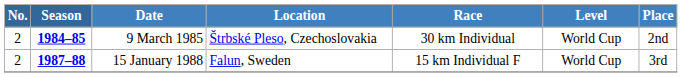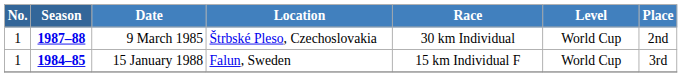 <table class="wikitable sortable" style="font-size:95%; text-align:center; border:grey solid 1px; border-collapse:collapse; background:#ffffff;">
 <tr style="background:#efefef;">
 <th style="background-color:#369; color:white;">No.</th>
 <th style="background-color:#369; color:white;">Season</th>
 <th style="background-color:#4180be; color:white; width:120px;">Date</th>
 <th style="background-color:#4180be; color:white; width:200px;">Location</th>
 <th style="background-color:#4180be; color:white; width:160px;">Race</th>
 <th style="background-color:#4180be; color:white; width:100px;">Level</th>
 <th style="background-color:#4180be; color:white;">Place</th>
 </tr>
 <tr>
-<td align=center>2</td>
-<td rowspan=1 align=center><strong> <a href='#'>1984–85</a> </strong></td>
+<td align=center>1</td>
+<td rowspan=1 align=center><strong> <a href='#'>1987–88</a> </strong></td>
 <td align=right>9 March 1985</td>
 <td align=left> <a href='#'>Štrbské Pleso</a>, Czechoslovakia</td>
 <td>30 km Individual</td>
 <td>World Cup</td>
 <td>2nd</td>
 </tr>
 <tr>
-<td align=center>2</td>
-<td rowspan=1 align=center><strong> <a href='#'>1987–88</a> </strong></td>
+<td align=center>1</td>
+<td rowspan=1 align=center><strong> <a href='#'>1984–85</a> </strong></td>
 <td align=right>15 January 1988</td>
 <td align=left> <a href='#'>Falun</a>, Sweden</td>
 <td>15 km Individual F</td>
 <td>World Cup</td>
 <td>3rd</td>
 </tr>
 <tr>
 </tr>
 </table>
